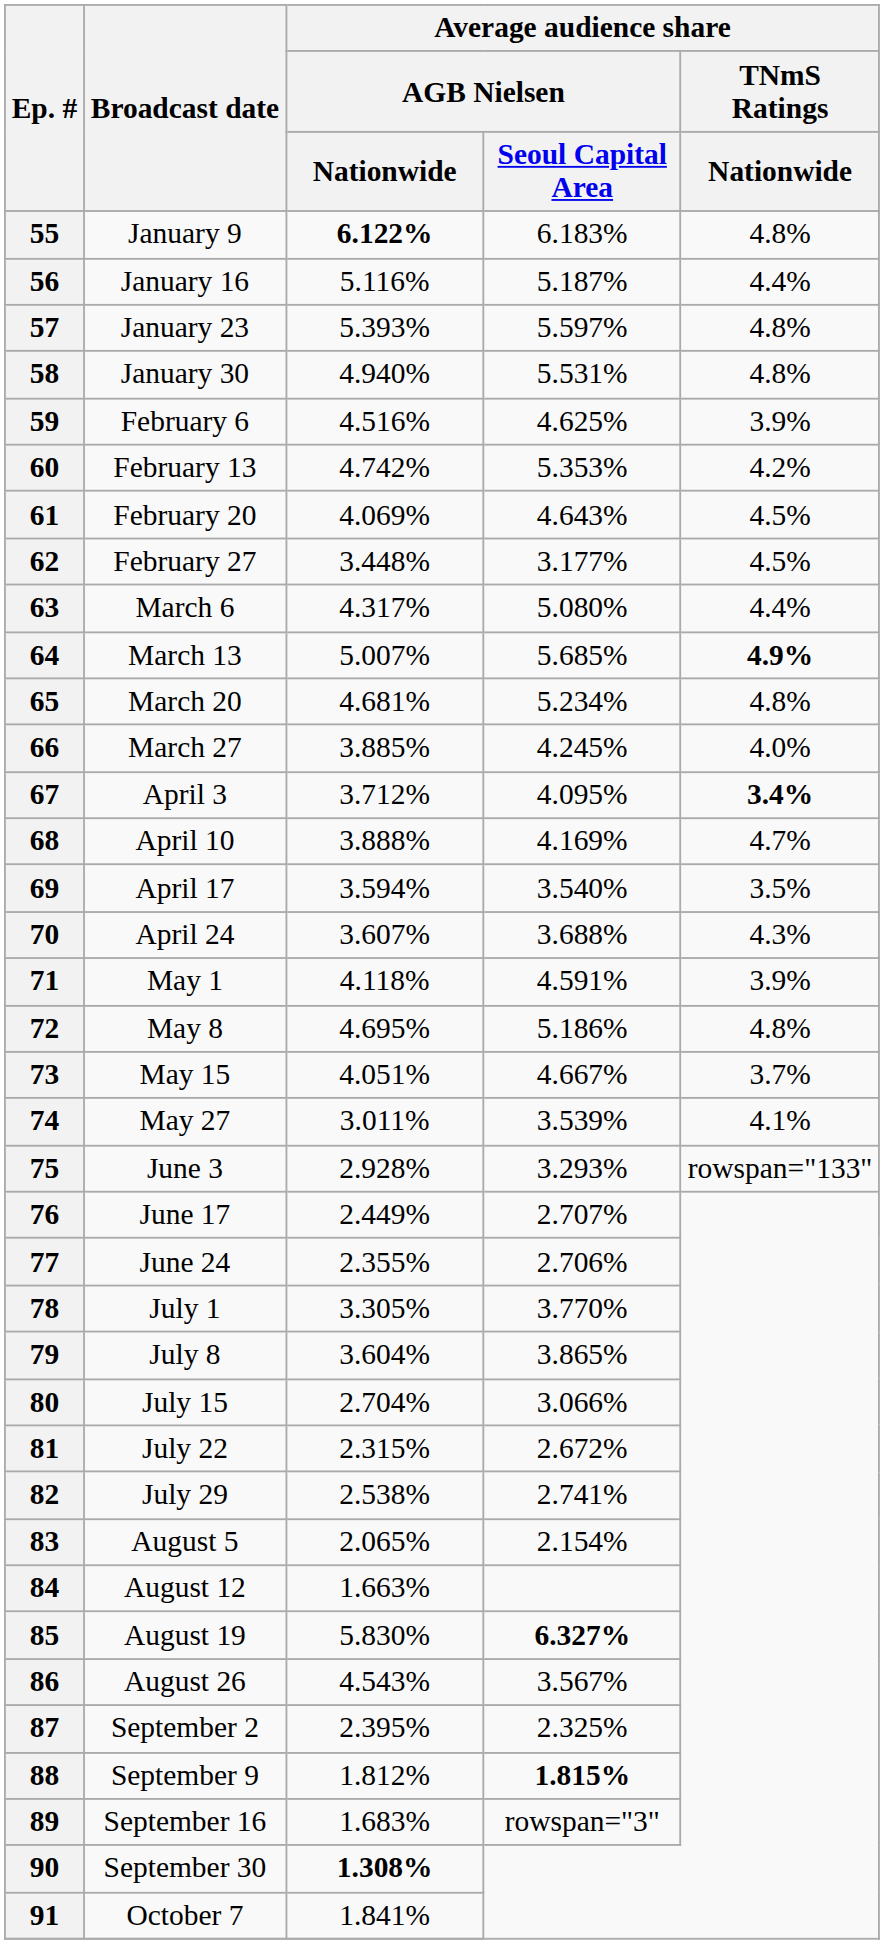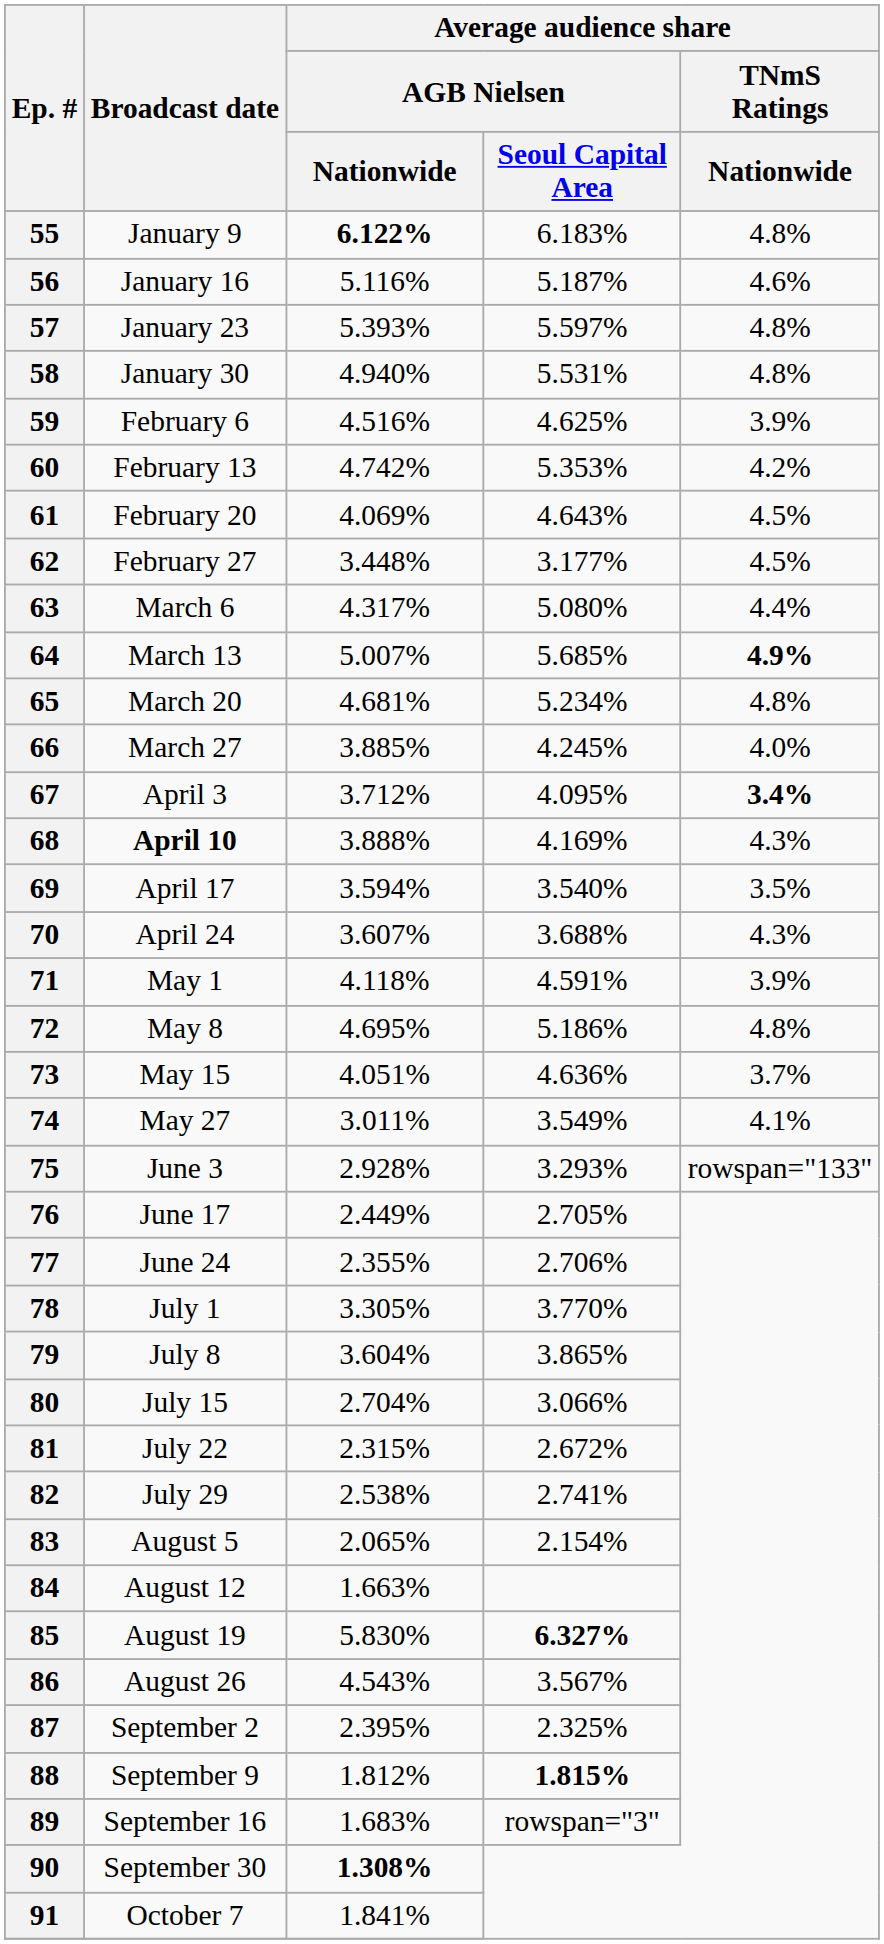 <table class="wikitable" style="text-align:center">
 <tr>
 <th rowspan="3">Ep. #</th>
 <th rowspan="3">Broadcast date</th>
 <th colspan="3">Average audience share</th>
 </tr>
 <tr>
 <th colspan="2">AGB Nielsen</th>
 <th colspan="1">TNmS Ratings</th>
 </tr>
 <tr>
 <th width=100>Nationwide</th>
 <th width=100><a href='#'>Seoul Capital Area</a></th>
 <th width=100>Nationwide</th>
 </tr>
 <tr>
 <th>55</th>
 <td>January 9</td>
 <td><span><strong>6.122%</strong></span></td>
 <td>6.183%</td>
 <td>4.8%</td>
 </tr>
 <tr>
 <th>56</th>
 <td>January 16</td>
 <td>5.116%</td>
 <td>5.187%</td>
-<td>4.4%</td>
+<td>4.6%</td>
 </tr>
 <tr>
 <th>57</th>
 <td>January 23</td>
 <td>5.393%</td>
 <td>5.597%</td>
 <td>4.8%</td>
 </tr>
 <tr>
 <th>58</th>
 <td>January 30</td>
 <td>4.940%</td>
 <td>5.531%</td>
 <td>4.8%</td>
 </tr>
 <tr>
 <th>59</th>
 <td>February 6</td>
 <td>4.516%</td>
 <td>4.625%</td>
 <td>3.9%</td>
 </tr>
 <tr>
 <th>60</th>
 <td>February 13</td>
 <td>4.742%</td>
 <td>5.353%</td>
 <td>4.2%</td>
 </tr>
 <tr>
 <th>61</th>
 <td>February 20</td>
 <td>4.069%</td>
 <td>4.643%</td>
 <td>4.5%</td>
 </tr>
 <tr>
 <th>62</th>
 <td>February 27</td>
 <td>3.448%</td>
 <td>3.177%</td>
 <td>4.5%</td>
 </tr>
 <tr>
 <th>63</th>
 <td>March 6</td>
 <td>4.317%</td>
 <td>5.080%</td>
 <td>4.4%</td>
 </tr>
 <tr>
 <th>64</th>
 <td>March 13</td>
 <td>5.007%</td>
 <td>5.685%</td>
 <td><span><strong>4.9%</strong></span></td>
 </tr>
 <tr>
 <th>65</th>
 <td>March 20</td>
 <td>4.681%</td>
 <td>5.234%</td>
 <td>4.8%</td>
 </tr>
 <tr>
 <th>66</th>
 <td>March 27</td>
 <td>3.885%</td>
 <td>4.245%</td>
 <td>4.0%</td>
 </tr>
 <tr>
 <th>67</th>
 <td>April 3</td>
 <td>3.712%</td>
 <td>4.095%</td>
 <td><span><strong>3.4%</strong></span></td>
 </tr>
 <tr>
 <th>68</th>
-<td>April 10</td>
+<td><strong>April 10</strong></td>
 <td>3.888%</td>
 <td>4.169%</td>
-<td>4.7%</td>
+<td>4.3%</td>
 </tr>
 <tr>
 <th>69</th>
 <td>April 17</td>
 <td>3.594%</td>
 <td>3.540%</td>
 <td>3.5%</td>
 </tr>
 <tr>
 <th>70</th>
 <td>April 24</td>
 <td>3.607%</td>
 <td>3.688%</td>
 <td>4.3%</td>
 </tr>
 <tr>
 <th>71</th>
 <td>May 1</td>
 <td>4.118%</td>
 <td>4.591%</td>
 <td>3.9%</td>
 </tr>
 <tr>
 <th>72</th>
 <td>May 8</td>
 <td>4.695%</td>
 <td>5.186%</td>
 <td>4.8%</td>
 </tr>
 <tr>
 <th>73</th>
 <td>May 15</td>
 <td>4.051%</td>
-<td>4.667%</td>
+<td>4.636%</td>
 <td>3.7%</td>
 </tr>
 <tr>
 <th>74</th>
 <td>May 27</td>
 <td>3.011%</td>
-<td>3.539%</td>
+<td>3.549%</td>
 <td>4.1%</td>
 </tr>
 <tr>
 <th>75</th>
 <td>June 3</td>
 <td>2.928%</td>
 <td>3.293%</td>
 <td>rowspan="133" </td>
 </tr>
 <tr>
 <th>76</th>
 <td>June 17</td>
 <td>2.449%</td>
-<td>2.707%</td>
+<td>2.705%</td>
 </tr>
 <tr>
 <th>77</th>
 <td>June 24</td>
 <td>2.355%</td>
 <td>2.706%</td>
 </tr>
 <tr>
 <th>78</th>
 <td>July 1</td>
 <td>3.305%</td>
 <td>3.770%</td>
 </tr>
 <tr>
 <th>79</th>
 <td>July 8</td>
 <td>3.604%</td>
 <td>3.865%</td>
 </tr>
 <tr>
 <th>80</th>
 <td>July 15</td>
 <td>2.704%</td>
 <td>3.066%</td>
 </tr>
 <tr>
 <th>81</th>
 <td>July 22</td>
 <td>2.315%</td>
 <td>2.672%</td>
 </tr>
 <tr>
 <th>82</th>
 <td>July 29</td>
 <td>2.538%</td>
 <td>2.741%</td>
 </tr>
 <tr>
 <th>83</th>
 <td>August 5</td>
 <td>2.065%</td>
 <td>2.154%</td>
 </tr>
 <tr>
 <th>84</th>
 <td>August 12</td>
 <td>1.663%</td>
 <td></td>
 </tr>
 <tr>
 <th>85</th>
 <td>August 19</td>
 <td>5.830%</td>
 <td><span><strong>6.327%</strong></span></td>
 </tr>
 <tr>
 <th>86</th>
 <td>August 26</td>
 <td>4.543%</td>
 <td>3.567%</td>
 </tr>
 <tr>
 <th>87</th>
 <td>September 2</td>
 <td>2.395%</td>
 <td>2.325%</td>
 </tr>
 <tr>
 <th>88</th>
 <td>September 9</td>
 <td>1.812%</td>
 <td><span><strong>1.815%</strong></span></td>
 </tr>
 <tr>
 <th>89</th>
 <td>September 16</td>
 <td>1.683%</td>
 <td>rowspan="3" </td>
 </tr>
 <tr>
 <th>90</th>
 <td>September 30</td>
 <td><span><strong>1.308%</strong></span></td>
 </tr>
 <tr>
 <th>91</th>
 <td>October 7</td>
 <td>1.841%</td>
 </tr>
 <tr>
 </tr>
 </table>
